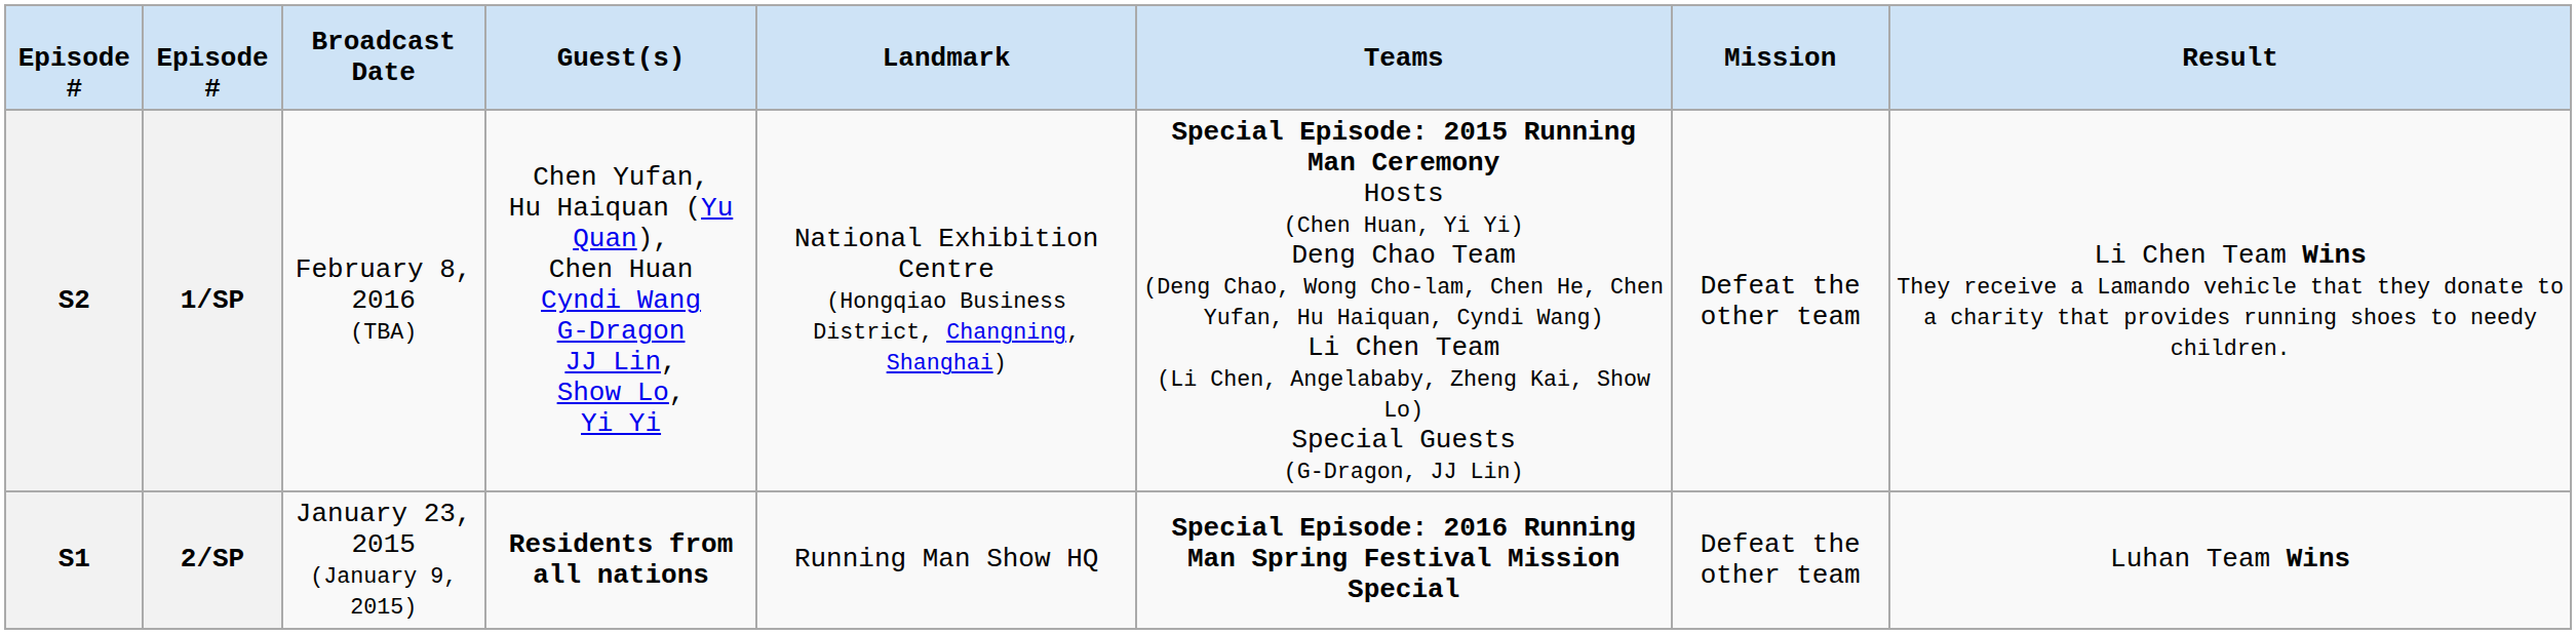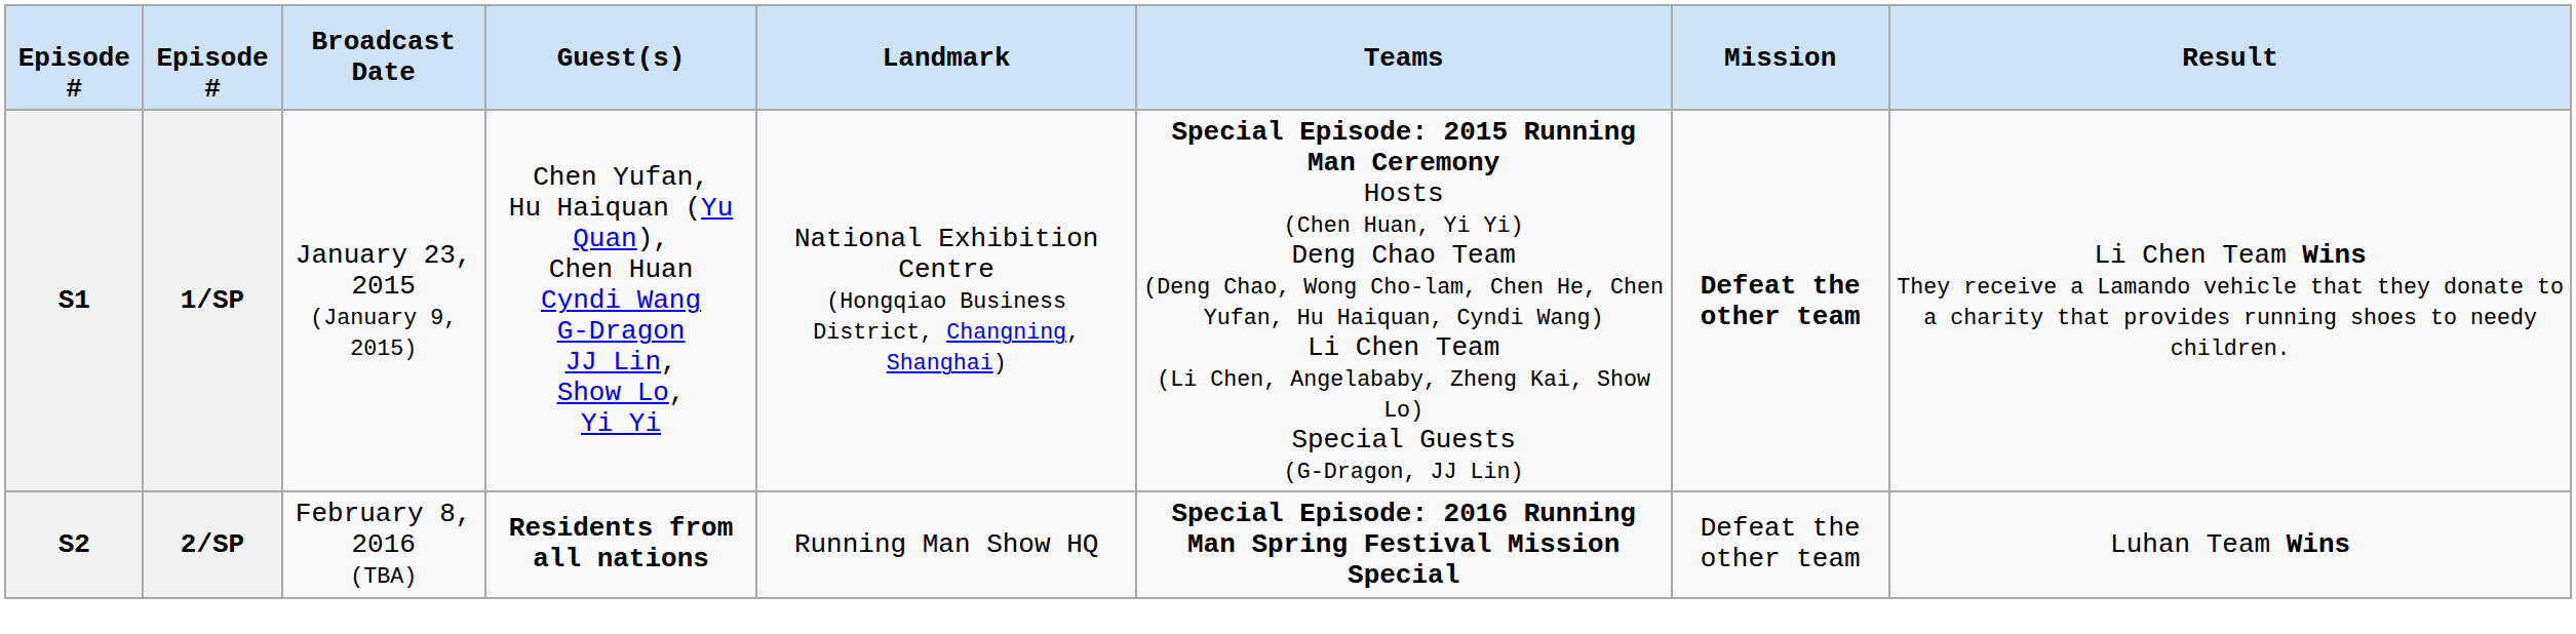 <table class="wikitable">
 <tr>
 <th style="background:#CEE3F6"><br>Episode #</th>
 <th style="background:#CEE3F6"><br>Episode #</th>
 <th style="background:#CEE3F6">Broadcast Date</th>
 <th style="background:#CEE3F6">Guest(s)</th>
 <th style="background:#CEE3F6">Landmark</th>
 <th style="background:#CEE3F6" colspan="2">Teams</th>
 <th style="background:#CEE3F6">Mission</th>
 <th style="background:#CEE3F6">Result</th>
 </tr>
 <tr>
 </tr>
 <tr style="text-align:center;">
-<th>S2</th>
+<th>S1</th>
 <th>1/SP</th>
-<td>February 8, 2016 <br><small>(TBA)</small></td>
+<td>January 23, 2015 <br><small>(January 9, 2015)</small></td>
 <td>Chen Yufan,<br>Hu Haiquan (<a href='#'>Yu Quan</a>),<br>Chen Huan<br><a href='#'>Cyndi Wang</a><br><a href='#'>G-Dragon</a><br><a href='#'>JJ Lin</a>,<br><a href='#'>Show Lo</a>,<br><a href='#'>Yi Yi</a></td>
 <td>National Exhibition Centre<br><small>(Hongqiao Business District, <a href='#'>Changning</a>, <a href='#'>Shanghai</a>)</small></td>
 <td colspan="2"><strong>Special Episode: 2015 Running Man Ceremony</strong><br>Hosts<br><small>(Chen Huan, Yi Yi)</small><br>Deng Chao Team<br><small>(Deng Chao, Wong Cho-lam, Chen He, Chen Yufan, Hu Haiquan, Cyndi Wang)</small><br>Li Chen Team<br><small>(Li Chen, Angelababy, Zheng Kai, Show Lo)</small><br>Special Guests <br><small>(G-Dragon, JJ Lin)</small></td>
-<td>Defeat the other team</td>
+<td><strong>Defeat the other team</strong></td>
 <td>Li Chen Team <strong>Wins</strong><br><small>They receive a Lamando vehicle that they donate to a charity that provides running shoes to needy children.</small></td>
 </tr>
 <tr>
 </tr>
 <tr style="text-align:center;">
-<th>S1</th>
+<th>S2</th>
 <th>2/SP</th>
-<td>January 23, 2015 <br><small>(January 9, 2015)</small></td>
+<td>February 8, 2016 <br><small>(TBA)</small></td>
 <td><strong>Residents from all nations</strong></td>
 <td>Running Man Show HQ</td>
 <td colspan="2"><strong>Special Episode: 2016 Running Man Spring Festival Mission Special</strong></td>
 <td>Defeat the other team</td>
 <td>Luhan Team <strong>Wins</strong><br><small></small></td>
 </tr>
 </table>
